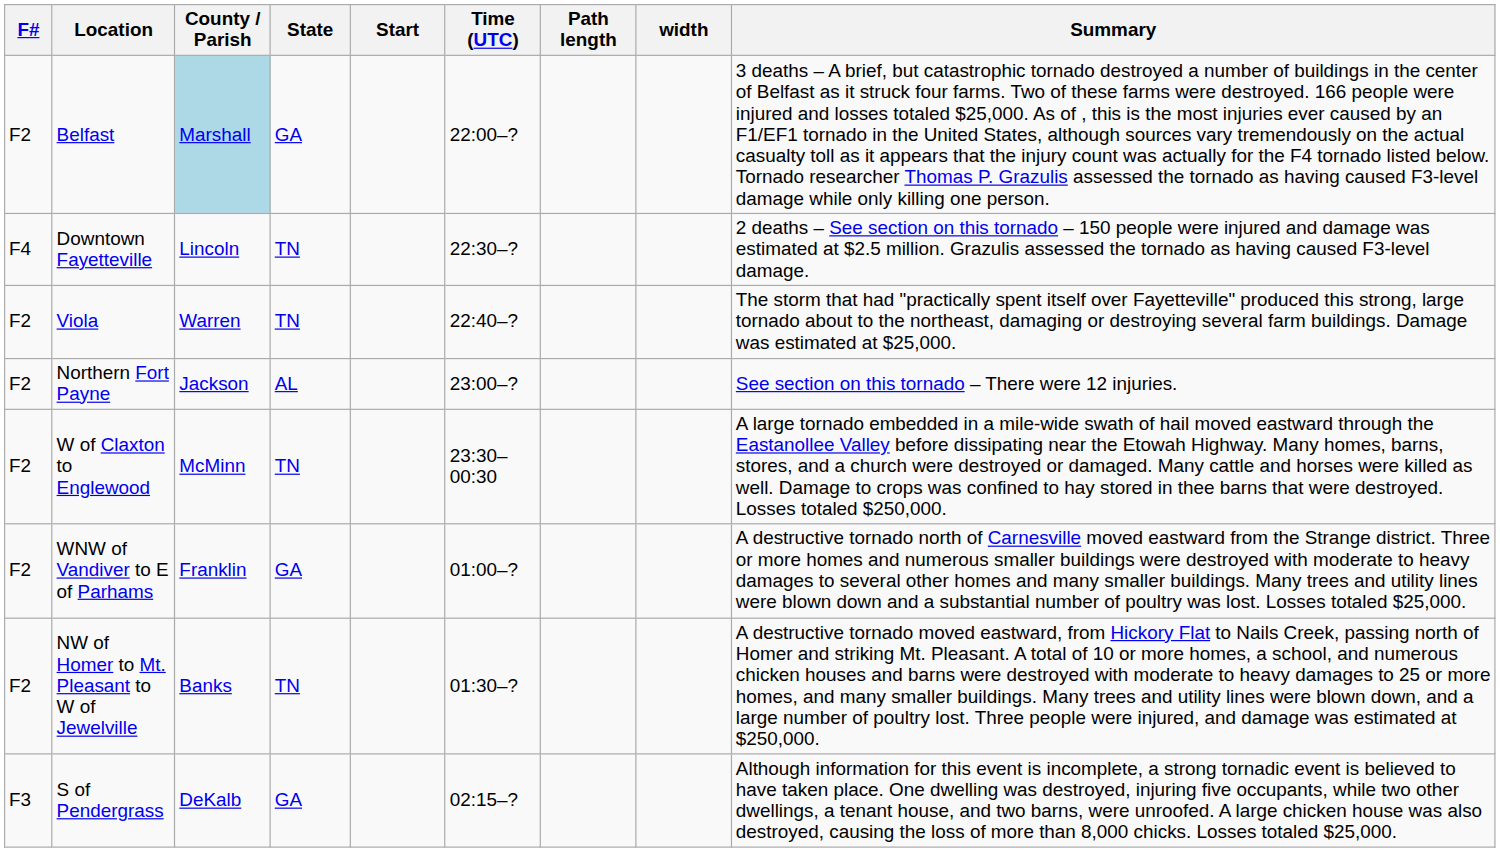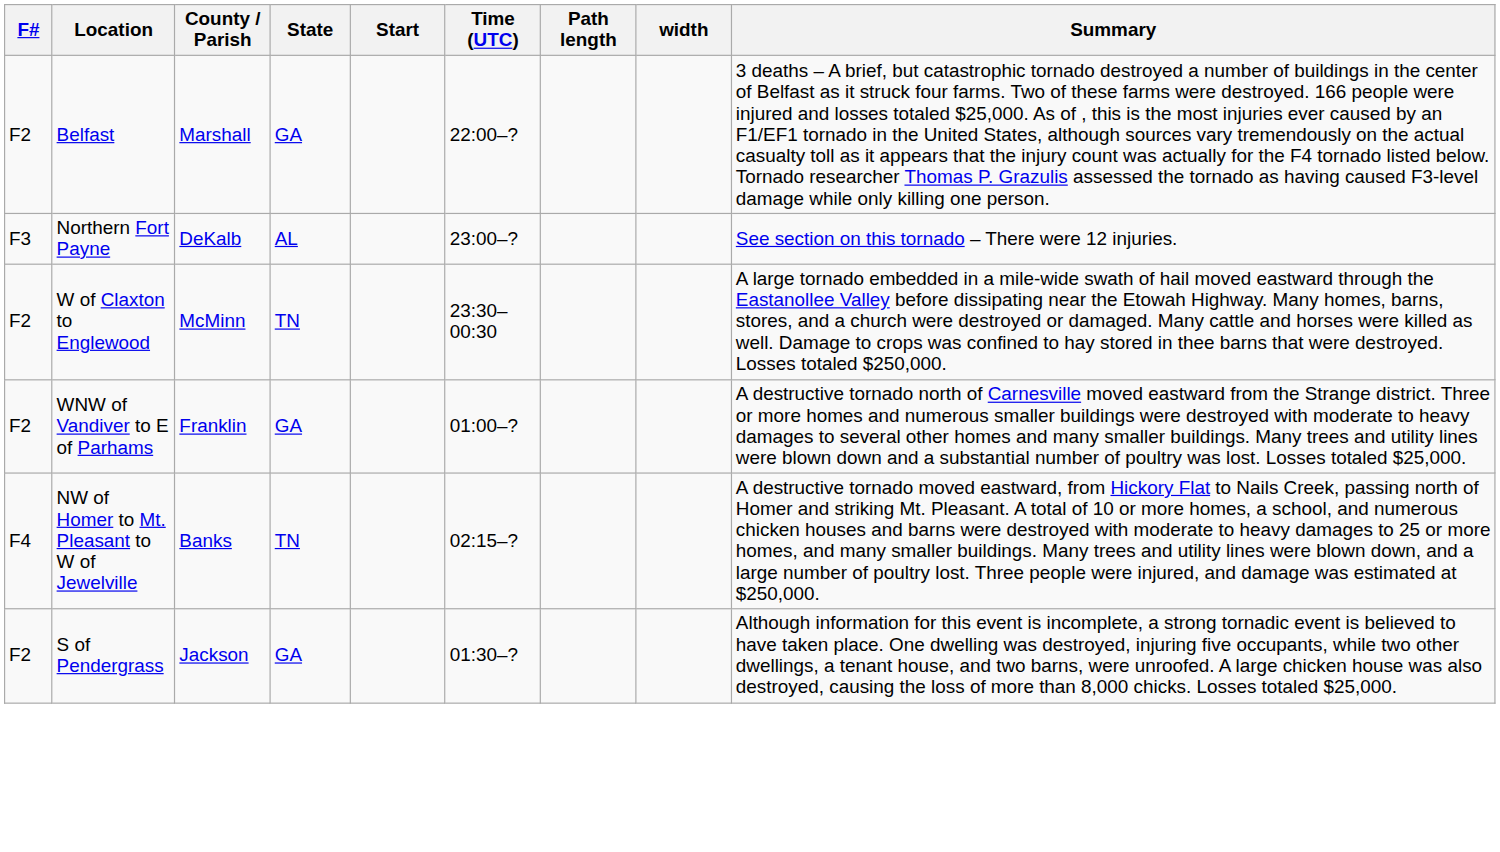 <table class="wikitable sortable" style="width:100%;">
 <tr>
 <th scope="col"  style="width:3%; text-align:center;"><a href='#'>F#</a></th>
 <th scope="col"  style="width:7%; text-align:center;" class="unsortable">Location</th>
 <th scope="col"  style="width:6%; text-align:center;" class="unsortable">County / Parish</th>
 <th scope="col"  style="width:5%; text-align:center;">State</th>
 <th scope="col"  style="width:6%; text-align:center;">Start<br></th>
 <th scope="col"  style="width:6%; text-align:center;">Time (<a href='#'>UTC</a>)</th>
 <th scope="col"  style="width:6%; text-align:center;">Path length</th>
 <th scope="col"  style="width:6%; text-align:center;"> width</th>
 <th scope="col" class="unsortable" style="width:48%; text-align:center;">Summary</th>
 </tr>
 <tr>
 <td>F2</td>
 <td><a href='#'>Belfast</a></td>
-<td style="background: lightblue;"><a href='#'>Marshall</a></td>
+<td><a href='#'>Marshall</a></td>
 <td><a href='#'>GA</a></td>
 <td></td>
 <td>22:00–?</td>
 <td></td>
 <td></td>
 <td>3 deaths – A brief, but catastrophic tornado destroyed a number of buildings in the center of Belfast as it struck four farms. Two of these farms were destroyed. 166 people were injured and losses totaled $25,000. As of , this is the most injuries ever caused by an F1/EF1 tornado in the United States, although sources vary tremendously on the actual casualty toll as it appears that the injury count was actually for the F4 tornado listed below. Tornado researcher <a href='#'>Thomas P. Grazulis</a> assessed the tornado as having caused F3-level damage while only killing one person.</td>
 </tr>
 <tr>
-<td>F4</td>
-<td>Downtown <a href='#'>Fayetteville</a></td>
-<td><a href='#'>Lincoln</a></td>
-<td><a href='#'>TN</a></td>
-<td></td>
-<td>22:30–?</td>
-<td></td>
-<td></td>
-<td>2 deaths – <a href='#'>See section on this tornado</a> – 150 people were injured and damage was estimated at $2.5 million. Grazulis assessed the tornado as having caused F3-level damage.</td>
-</tr>
-<tr>
-<td>F2</td>
-<td><a href='#'>Viola</a></td>
-<td><a href='#'>Warren</a></td>
-<td><a href='#'>TN</a></td>
-<td></td>
-<td>22:40–?</td>
-<td></td>
-<td></td>
-<td>The storm that had "practically spent itself over Fayetteville" produced this strong, large tornado about  to the northeast, damaging or destroying several farm buildings. Damage was estimated at $25,000.</td>
-</tr>
-<tr>
-<td>F2</td>
+<td>F3</td>
 <td>Northern <a href='#'>Fort Payne</a></td>
-<td><a href='#'>Jackson</a></td>
+<td><a href='#'>DeKalb</a></td>
 <td><a href='#'>AL</a></td>
 <td></td>
 <td>23:00–?</td>
 <td></td>
 <td></td>
 <td><a href='#'>See section on this tornado</a> – There were 12 injuries.</td>
 </tr>
 <tr>
 <td>F2</td>
 <td>W of <a href='#'>Claxton</a> to <a href='#'>Englewood</a></td>
 <td><a href='#'>McMinn</a></td>
 <td><a href='#'>TN</a></td>
 <td></td>
 <td>23:30–00:30</td>
 <td></td>
 <td></td>
 <td>A large tornado embedded in a mile-wide swath of hail moved eastward through the <a href='#'>Eastanollee Valley</a> before dissipating near the Etowah Highway. Many homes, barns, stores, and a church were destroyed or damaged. Many cattle and horses were killed as well. Damage to crops was confined to hay stored in thee barns that were destroyed. Losses totaled $250,000.</td>
 </tr>
 <tr>
 <td>F2</td>
 <td>WNW of <a href='#'>Vandiver</a> to E of <a href='#'>Parhams</a></td>
 <td><a href='#'>Franklin</a></td>
 <td><a href='#'>GA</a></td>
 <td></td>
 <td>01:00–?</td>
 <td></td>
 <td></td>
 <td>A destructive tornado north of <a href='#'>Carnesville</a> moved eastward from the Strange district. Three or more homes and numerous smaller buildings were destroyed with moderate to heavy damages to several other homes and many smaller buildings. Many trees and utility lines were blown down and a substantial number of poultry was lost. Losses totaled $25,000.</td>
 </tr>
 <tr>
-<td>F2</td>
+<td>F4</td>
 <td>NW of <a href='#'>Homer</a> to <a href='#'>Mt. Pleasant</a> to W of <a href='#'>Jewelville</a></td>
 <td><a href='#'>Banks</a></td>
 <td><a href='#'>TN</a></td>
 <td></td>
-<td>01:30–?</td>
+<td>02:15–?</td>
 <td></td>
 <td></td>
 <td>A destructive tornado moved eastward, from <a href='#'>Hickory Flat</a> to Nails Creek, passing north of Homer and striking Mt. Pleasant. A total of 10 or more homes, a school, and numerous chicken houses and barns were destroyed with moderate to heavy damages to 25 or more homes, and many smaller buildings. Many trees and utility lines were blown down, and a large number of poultry lost. Three people were injured, and damage was estimated at $250,000.</td>
 </tr>
 <tr>
-<td>F3</td>
+<td>F2</td>
 <td>S of <a href='#'>Pendergrass</a></td>
-<td><a href='#'>DeKalb</a></td>
+<td><a href='#'>Jackson</a></td>
 <td><a href='#'>GA</a></td>
 <td></td>
-<td>02:15–?</td>
+<td>01:30–?</td>
 <td></td>
 <td></td>
 <td>Although information for this event is incomplete, a strong tornadic event is believed to have taken place. One dwelling was destroyed, injuring five occupants, while two other dwellings, a tenant house, and two barns, were unroofed. A large chicken house was also destroyed, causing the loss of more than 8,000 chicks. Losses totaled $25,000.</td>
 </tr>
 </table>
